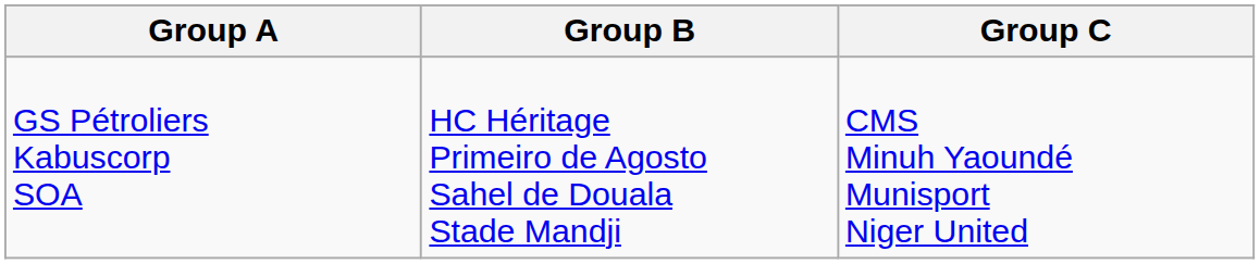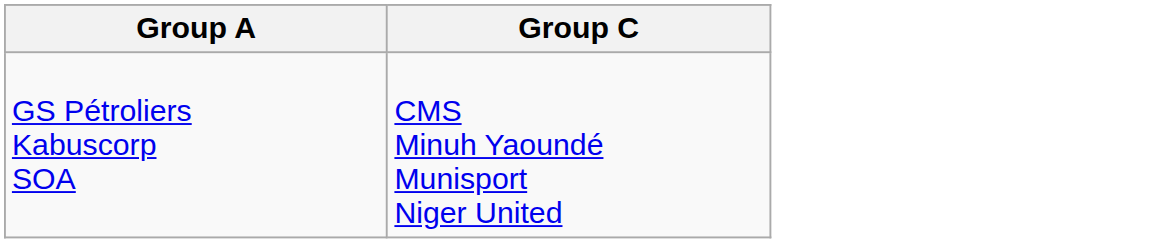 <table class="wikitable">
 <tr>
 <th width=195px>Group A</th>
-<th width=195px>Group B</th>
 <th width=195px>Group C</th>
 </tr>
 <tr>
 <td valign=top><br> <a href='#'>GS Pétroliers</a><br>  <a href='#'>Kabuscorp</a><br>  <a href='#'>SOA</a></td>
-<td valign=top><br> <a href='#'>HC Héritage</a><br>  <a href='#'>Primeiro de Agosto</a><br>  <a href='#'>Sahel de Douala</a><br>  <a href='#'>Stade Mandji</a></td>
 <td valign=top><br> <a href='#'>CMS</a><br>  <a href='#'>Minuh Yaoundé</a><br>  <a href='#'>Munisport</a><br>  <a href='#'>Niger United</a></td>
 </tr>
 </table>
